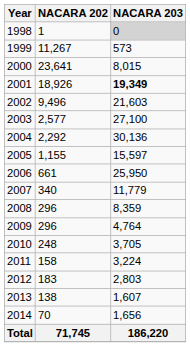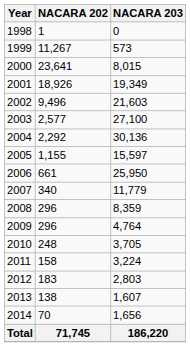 <table class="wikitable">
 <tr>
 <th>Year</th>
 <th>NACARA 202</th>
 <th>NACARA 203</th>
 </tr>
 <tr>
 <td>1998</td>
 <td>1</td>
-<td style="background: lightgrey;">0</td>
+<td>0</td>
 </tr>
 <tr>
 <td>1999</td>
 <td>11,267</td>
 <td>573</td>
 </tr>
 <tr>
 <td>2000</td>
 <td>23,641</td>
 <td>8,015</td>
 </tr>
 <tr>
 <td>2001</td>
 <td>18,926</td>
-<td><strong>19,349</strong></td>
+<td>19,349</td>
 </tr>
 <tr>
 <td>2002</td>
 <td>9,496</td>
 <td>21,603</td>
 </tr>
 <tr>
 <td>2003</td>
 <td>2,577</td>
 <td>27,100</td>
 </tr>
 <tr>
 <td>2004</td>
 <td>2,292</td>
 <td>30,136</td>
 </tr>
 <tr>
 <td>2005</td>
 <td>1,155</td>
 <td>15,597</td>
 </tr>
 <tr>
 <td>2006</td>
 <td>661</td>
 <td>25,950</td>
 </tr>
 <tr>
 <td>2007</td>
 <td>340</td>
 <td>11,779</td>
 </tr>
 <tr>
 <td>2008</td>
 <td>296</td>
 <td>8,359</td>
 </tr>
 <tr>
 <td>2009</td>
 <td>296</td>
 <td>4,764</td>
 </tr>
 <tr>
 <td>2010</td>
 <td>248</td>
 <td>3,705</td>
 </tr>
 <tr>
 <td>2011</td>
 <td>158</td>
 <td>3,224</td>
 </tr>
 <tr>
 <td>2012</td>
 <td>183</td>
 <td>2,803</td>
 </tr>
 <tr>
 <td>2013</td>
 <td>138</td>
 <td>1,607</td>
 </tr>
 <tr>
 <td>2014</td>
 <td>70</td>
 <td>1,656</td>
 </tr>
 <tr>
 <th>Total</th>
 <th>71,745</th>
 <th>186,220</th>
 </tr>
 <tr>
 </tr>
 </table>
